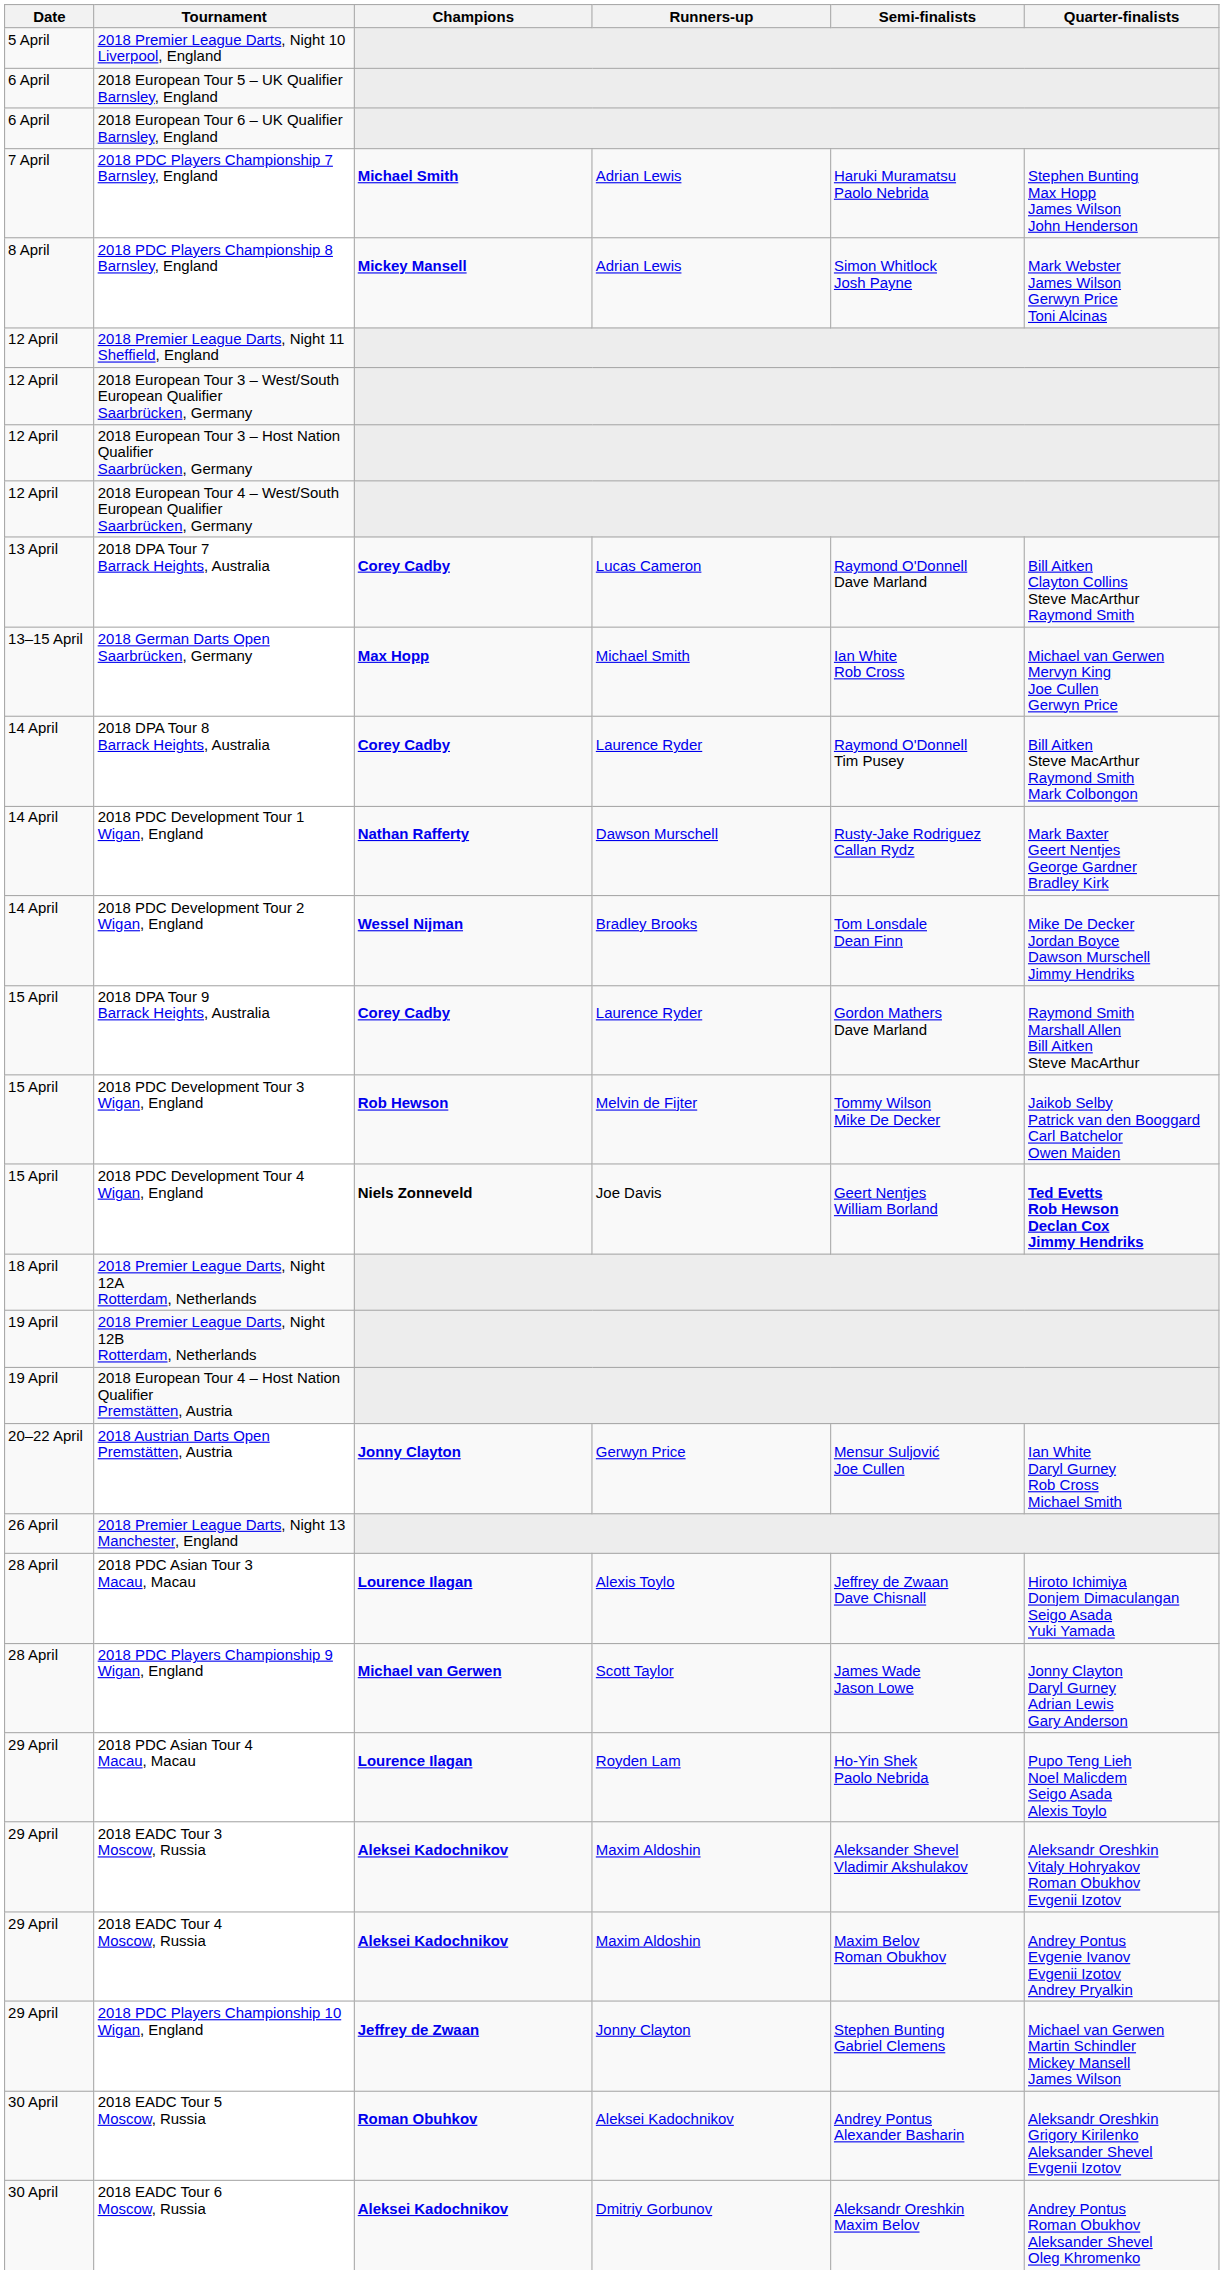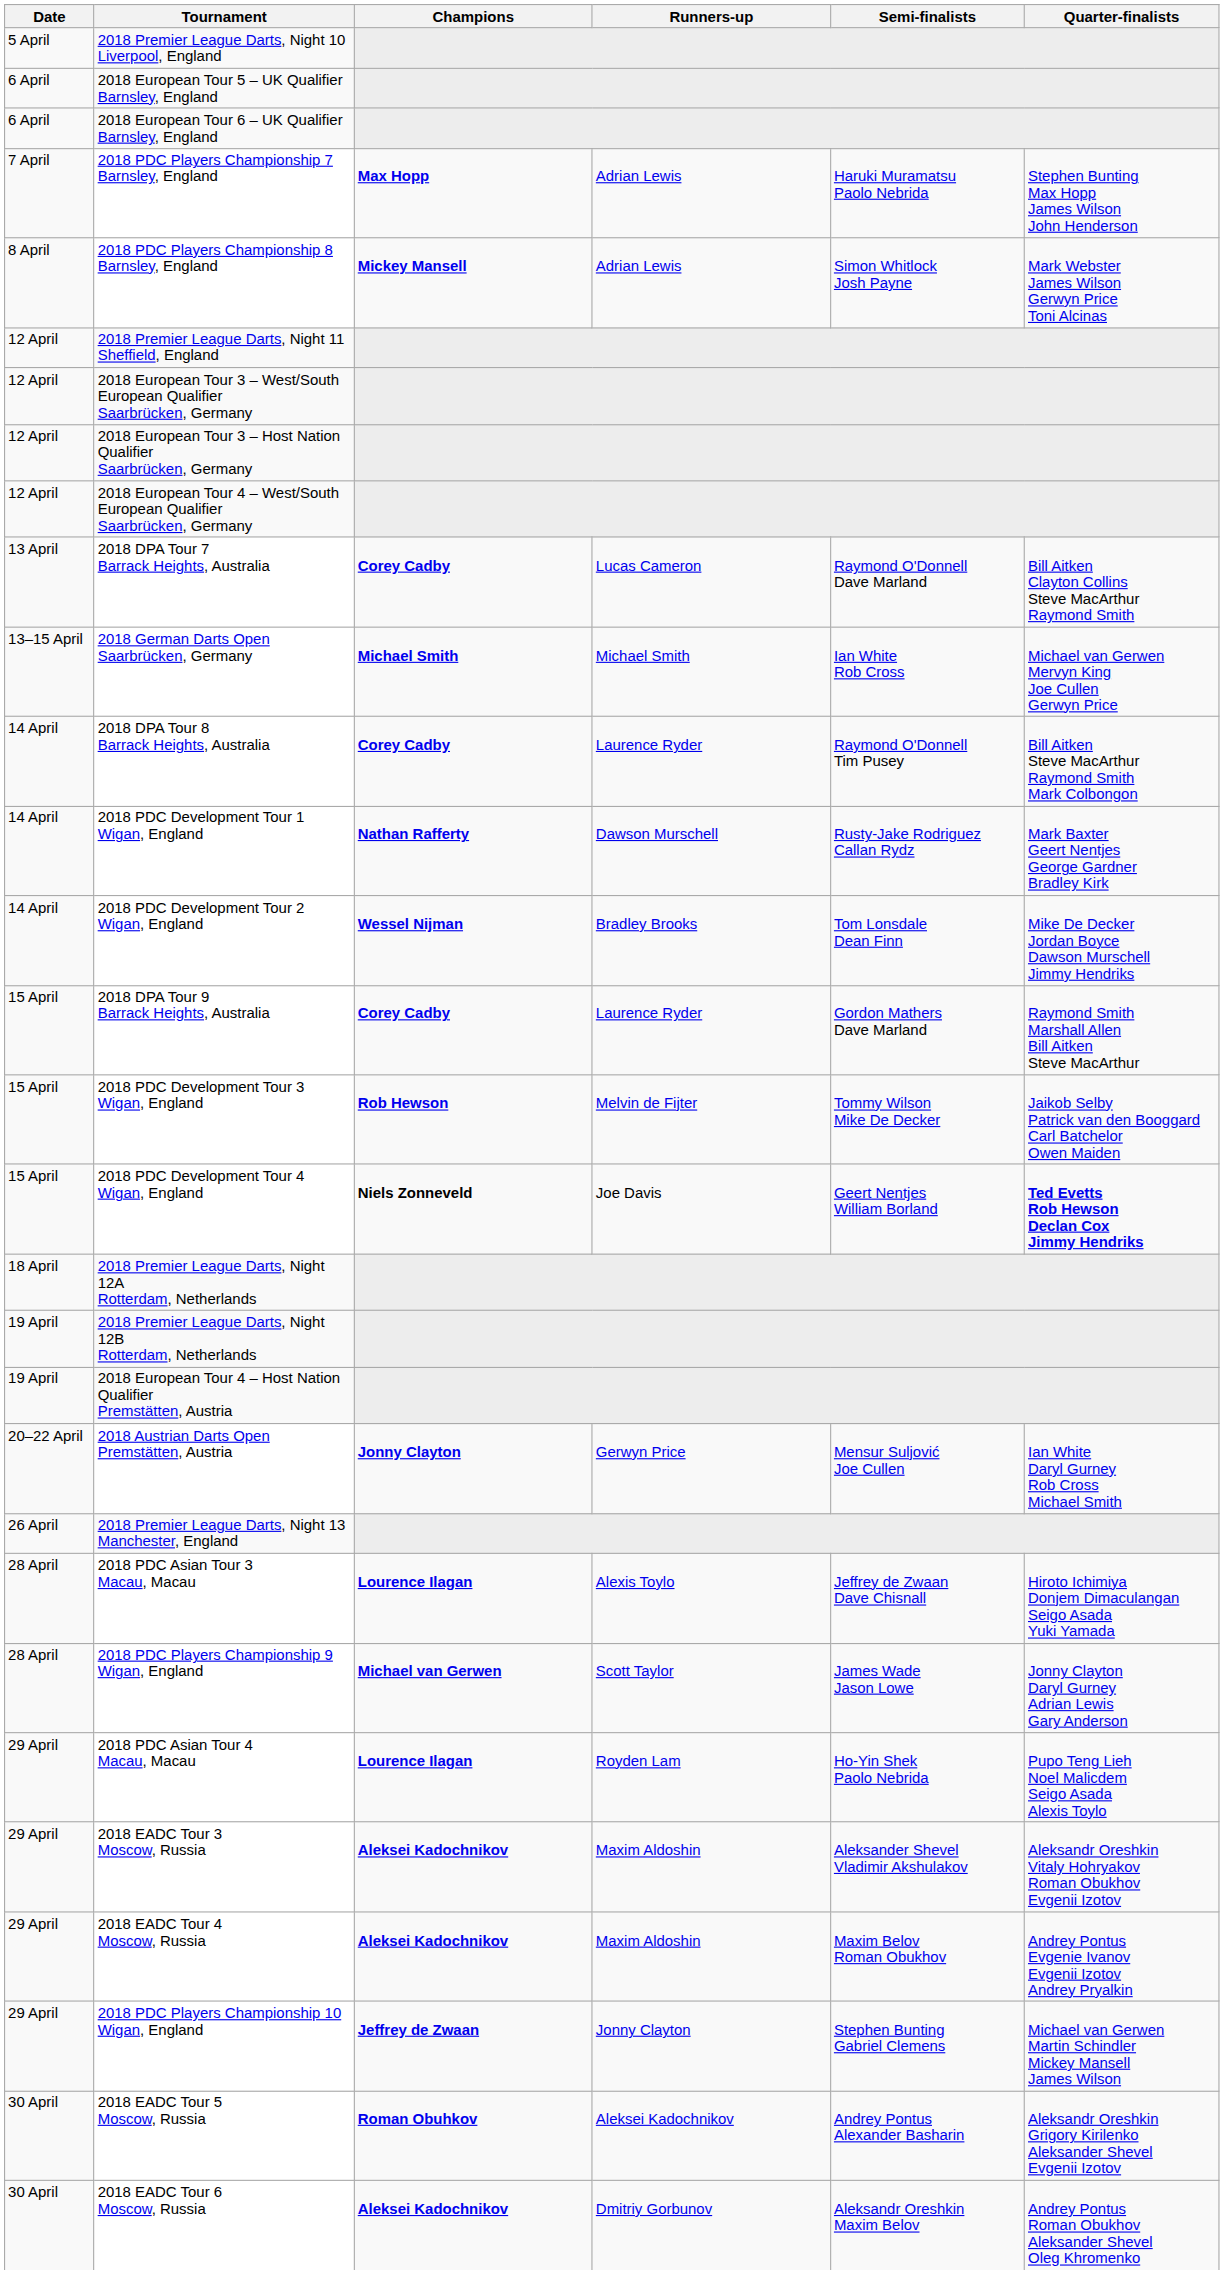 <table class=wikitable style=font-size:85%>
 <tr>
 <th width=75>Date</th>
 <th width=230>Tournament</th>
 <th width=210>Champions</th>
 <th width=210>Runners-up</th>
 <th width=170>Semi-finalists</th>
 <th width=170>Quarter-finalists</th>
 </tr>
 <tr valign="top">
 <td rowspan=1>5 April</td>
 <td><a href='#'>2018 Premier League Darts</a>, Night 10 <br><a href='#'>Liverpool</a>, England</td>
 <td colspan=4 bgcolor="#ededed"></td>
 </tr>
 <tr valign="top">
 <td rowspan=1>6 April</td>
 <td>2018 European Tour 5 – UK Qualifier <br><a href='#'>Barnsley</a>, England</td>
 <td colspan=4 bgcolor="#ededed"></td>
 </tr>
 <tr valign="top">
 <td rowspan=1>6 April</td>
 <td>2018 European Tour 6 – UK Qualifier <br><a href='#'>Barnsley</a>, England</td>
 <td colspan=4 bgcolor="#ededed"></td>
 </tr>
 <tr valign="top">
 <td>7 April</td>
 <td bgcolor="#ffffff"><a href='#'>2018 PDC Players Championship 7</a><br><a href='#'>Barnsley</a>, England</td>
-<td><br> <strong><a href='#'>Michael Smith</a></strong></td>
+<td><br> <strong><a href='#'>Max Hopp</a></strong></td>
 <td><br> <a href='#'>Adrian Lewis</a></td>
 <td><br> <a href='#'>Haruki Muramatsu</a> <br>  <a href='#'>Paolo Nebrida</a></td>
 <td><br> <a href='#'>Stephen Bunting</a> <br>  <a href='#'>Max Hopp</a> <br>  <a href='#'>James Wilson</a> <br>  <a href='#'>John Henderson</a></td>
 </tr>
 <tr valign="top">
 <td>8 April</td>
 <td bgcolor="#ffffff"><a href='#'>2018 PDC Players Championship 8</a><br><a href='#'>Barnsley</a>, England</td>
 <td><br> <strong><a href='#'>Mickey Mansell</a></strong></td>
 <td><br> <a href='#'>Adrian Lewis</a></td>
 <td><br> <a href='#'>Simon Whitlock</a> <br>  <a href='#'>Josh Payne</a></td>
 <td><br> <a href='#'>Mark Webster</a> <br>  <a href='#'>James Wilson</a> <br>  <a href='#'>Gerwyn Price</a> <br>  <a href='#'>Toni Alcinas</a></td>
 </tr>
 <tr valign="top">
 <td rowspan=1>12 April</td>
 <td><a href='#'>2018 Premier League Darts</a>, Night 11 <br><a href='#'>Sheffield</a>, England</td>
 <td colspan=4 bgcolor="#ededed"></td>
 </tr>
 <tr valign="top">
 <td rowspan=1>12 April</td>
 <td>2018 European Tour 3 – West/South European Qualifier <br><a href='#'>Saarbrücken</a>, Germany</td>
 <td colspan=4 bgcolor="#ededed"></td>
 </tr>
 <tr valign="top">
 <td rowspan=1>12 April</td>
 <td>2018 European Tour 3 – Host Nation Qualifier <br><a href='#'>Saarbrücken</a>, Germany</td>
 <td colspan=4 bgcolor="#ededed"></td>
 </tr>
 <tr valign="top">
 <td rowspan=1>12 April</td>
 <td>2018 European Tour 4 – West/South European Qualifier <br><a href='#'>Saarbrücken</a>, Germany</td>
 <td colspan=4 bgcolor="#ededed"></td>
 </tr>
 <tr valign="top">
 <td>13 April</td>
 <td bgcolor="#ffffff">2018 DPA Tour 7<br><a href='#'>Barrack Heights</a>, Australia</td>
 <td><br> <strong><a href='#'>Corey Cadby</a></strong></td>
 <td><br> <a href='#'>Lucas Cameron</a></td>
 <td><br> <a href='#'>Raymond O'Donnell</a> <br>  Dave Marland</td>
 <td><br> <a href='#'>Bill Aitken</a> <br>  <a href='#'>Clayton Collins</a> <br>  Steve MacArthur <br>  <a href='#'>Raymond Smith</a></td>
 </tr>
 <tr valign="top">
 <td>13–15 April</td>
 <td bgcolor="#ffffff"><a href='#'>2018 German Darts Open</a><br><a href='#'>Saarbrücken</a>, Germany</td>
-<td><br> <strong><a href='#'>Max Hopp</a></strong></td>
+<td><br> <strong><a href='#'>Michael Smith</a></strong></td>
 <td><br> <a href='#'>Michael Smith</a></td>
 <td><br> <a href='#'>Ian White</a> <br>  <a href='#'>Rob Cross</a></td>
 <td><br> <a href='#'>Michael van Gerwen</a> <br>  <a href='#'>Mervyn King</a> <br>  <a href='#'>Joe Cullen</a> <br>  <a href='#'>Gerwyn Price</a></td>
 </tr>
 <tr valign="top">
 <td>14 April</td>
 <td bgcolor="#ffffff">2018 DPA Tour 8<br><a href='#'>Barrack Heights</a>, Australia</td>
 <td><br> <strong><a href='#'>Corey Cadby</a></strong></td>
 <td><br> <a href='#'>Laurence Ryder</a></td>
 <td><br> <a href='#'>Raymond O'Donnell</a> <br>  Tim Pusey</td>
 <td><br> <a href='#'>Bill Aitken</a> <br>  Steve MacArthur <br>  <a href='#'>Raymond Smith</a> <br>  <a href='#'>Mark Colbongon</a></td>
 </tr>
 <tr valign="top">
 <td>14 April</td>
 <td bgcolor="#ffffff">2018 PDC Development Tour 1<br><a href='#'>Wigan</a>, England</td>
 <td><br> <strong><a href='#'>Nathan Rafferty</a></strong></td>
 <td><br> <a href='#'>Dawson Murschell</a></td>
 <td><br> <a href='#'>Rusty-Jake Rodriguez</a> <br>  <a href='#'>Callan Rydz</a></td>
 <td><br> <a href='#'>Mark Baxter</a> <br>  <a href='#'>Geert Nentjes</a> <br>  <a href='#'>George Gardner</a> <br>  <a href='#'>Bradley Kirk</a></td>
 </tr>
 <tr valign="top">
 <td>14 April</td>
 <td bgcolor="#ffffff">2018 PDC Development Tour 2<br><a href='#'>Wigan</a>, England</td>
 <td><br> <strong><a href='#'>Wessel Nijman</a></strong></td>
 <td><br> <a href='#'>Bradley Brooks</a></td>
 <td><br> <a href='#'>Tom Lonsdale</a> <br>  <a href='#'>Dean Finn</a></td>
 <td><br> <a href='#'>Mike De Decker</a> <br>  <a href='#'>Jordan Boyce</a> <br>  <a href='#'>Dawson Murschell</a> <br>  <a href='#'>Jimmy Hendriks</a></td>
 </tr>
 <tr valign="top">
 <td>15 April</td>
 <td bgcolor="#ffffff">2018 DPA Tour 9<br><a href='#'>Barrack Heights</a>, Australia</td>
 <td><br> <strong><a href='#'>Corey Cadby</a></strong></td>
 <td><br> <a href='#'>Laurence Ryder</a></td>
 <td><br> <a href='#'>Gordon Mathers</a> <br>  Dave Marland</td>
 <td><br> <a href='#'>Raymond Smith</a> <br>  <a href='#'>Marshall Allen</a> <br>  <a href='#'>Bill Aitken</a> <br>  Steve MacArthur</td>
 </tr>
 <tr valign="top">
 <td>15 April</td>
 <td bgcolor="#ffffff">2018 PDC Development Tour 3<br><a href='#'>Wigan</a>, England</td>
 <td><br> <strong><a href='#'>Rob Hewson</a></strong></td>
 <td><br> <a href='#'>Melvin de Fijter</a></td>
 <td><br> <a href='#'>Tommy Wilson</a> <br>  <a href='#'>Mike De Decker</a></td>
 <td><br> <a href='#'>Jaikob Selby</a> <br>  <a href='#'>Patrick van den Booggard</a> <br>  <a href='#'>Carl Batchelor</a> <br>  <a href='#'>Owen Maiden</a></td>
 </tr>
 <tr valign="top">
 <td>15 April</td>
 <td bgcolor="#ffffff">2018 PDC Development Tour 4<br><a href='#'>Wigan</a>, England</td>
 <td><br> <strong>Niels Zonneveld</strong></td>
 <td><br> Joe Davis</td>
 <td><br> <a href='#'>Geert Nentjes</a> <br>  <a href='#'>William Borland</a></td>
 <td><strong><br> <a href='#'>Ted Evetts</a> <br>  <a href='#'>Rob Hewson</a> <br>  <a href='#'>Declan Cox</a> <br>  <a href='#'>Jimmy Hendriks</a></strong></td>
 </tr>
 <tr valign="top">
 <td rowspan=1>18 April</td>
 <td><a href='#'>2018 Premier League Darts</a>, Night 12A <br><a href='#'>Rotterdam</a>, Netherlands</td>
 <td colspan=4 bgcolor="#ededed"></td>
 </tr>
 <tr valign="top">
 <td rowspan=1>19 April</td>
 <td><a href='#'>2018 Premier League Darts</a>, Night 12B <br><a href='#'>Rotterdam</a>, Netherlands</td>
 <td colspan=4 bgcolor="#ededed"></td>
 </tr>
 <tr valign="top">
 <td rowspan=1>19 April</td>
 <td>2018 European Tour 4 – Host Nation Qualifier <br><a href='#'>Premstätten</a>, Austria</td>
 <td colspan=4 bgcolor="#ededed"></td>
 </tr>
 <tr valign="top">
 <td>20–22 April</td>
 <td bgcolor="#ffffff"><a href='#'>2018 Austrian Darts Open</a><br><a href='#'>Premstätten</a>, Austria</td>
 <td><br> <strong><a href='#'>Jonny Clayton</a></strong></td>
 <td><br> <a href='#'>Gerwyn Price</a></td>
 <td><br> <a href='#'>Mensur Suljović</a> <br>  <a href='#'>Joe Cullen</a></td>
 <td><br> <a href='#'>Ian White</a> <br>  <a href='#'>Daryl Gurney</a> <br>  <a href='#'>Rob Cross</a> <br>  <a href='#'>Michael Smith</a></td>
 </tr>
 <tr valign="top">
 <td rowspan=1>26 April</td>
 <td><a href='#'>2018 Premier League Darts</a>, Night 13 <br><a href='#'>Manchester</a>, England</td>
 <td colspan=4 bgcolor="#ededed"></td>
 </tr>
 <tr valign="top">
 <td>28 April</td>
 <td bgcolor="#ffffff">2018 PDC Asian Tour 3<br><a href='#'>Macau</a>, Macau</td>
 <td><br> <strong><a href='#'>Lourence Ilagan</a></strong></td>
 <td><br> <a href='#'>Alexis Toylo</a></td>
 <td><br> <a href='#'>Jeffrey de Zwaan</a> <br>  <a href='#'>Dave Chisnall</a></td>
 <td><br> <a href='#'>Hiroto Ichimiya</a> <br>  <a href='#'>Donjem Dimaculangan</a> <br>  <a href='#'>Seigo Asada</a> <br>  <a href='#'>Yuki Yamada</a></td>
 </tr>
 <tr valign="top">
 <td>28 April</td>
 <td bgcolor="#ffffff"><a href='#'>2018 PDC Players Championship 9</a><br><a href='#'>Wigan</a>, England</td>
 <td><br> <strong><a href='#'>Michael van Gerwen</a></strong></td>
 <td><br> <a href='#'>Scott Taylor</a></td>
 <td><br> <a href='#'>James Wade</a> <br>  <a href='#'>Jason Lowe</a></td>
 <td><br> <a href='#'>Jonny Clayton</a> <br>  <a href='#'>Daryl Gurney</a> <br>  <a href='#'>Adrian Lewis</a> <br>  <a href='#'>Gary Anderson</a></td>
 </tr>
 <tr valign="top">
 <td>29 April</td>
 <td bgcolor="#ffffff">2018 PDC Asian Tour 4<br><a href='#'>Macau</a>, Macau</td>
 <td><br> <strong><a href='#'>Lourence Ilagan</a></strong></td>
 <td><br> <a href='#'>Royden Lam</a></td>
 <td><br> <a href='#'>Ho-Yin Shek</a> <br>  <a href='#'>Paolo Nebrida</a></td>
 <td><br> <a href='#'>Pupo Teng Lieh</a> <br>  <a href='#'>Noel Malicdem</a> <br>  <a href='#'>Seigo Asada</a> <br>  <a href='#'>Alexis Toylo</a></td>
 </tr>
 <tr valign="top">
 <td>29 April</td>
 <td bgcolor="#ffffff">2018 EADC Tour 3<br><a href='#'>Moscow</a>, Russia</td>
 <td><br> <strong><a href='#'>Aleksei Kadochnikov</a></strong></td>
 <td><br> <a href='#'>Maxim Aldoshin</a></td>
 <td><br> <a href='#'>Aleksander Shevel</a> <br>  <a href='#'>Vladimir Akshulakov</a></td>
 <td><br> <a href='#'>Aleksandr Oreshkin</a> <br>  <a href='#'>Vitaly Hohryakov</a> <br>  <a href='#'>Roman Obukhov</a> <br>  <a href='#'>Evgenii Izotov</a></td>
 </tr>
 <tr valign="top">
 <td>29 April</td>
 <td bgcolor="#ffffff">2018 EADC Tour 4<br><a href='#'>Moscow</a>, Russia</td>
 <td><br> <strong><a href='#'>Aleksei Kadochnikov</a></strong></td>
 <td><br> <a href='#'>Maxim Aldoshin</a></td>
 <td><br> <a href='#'>Maxim Belov</a> <br>  <a href='#'>Roman Obukhov</a></td>
 <td><br> <a href='#'>Andrey Pontus</a> <br>  <a href='#'>Evgenie Ivanov</a> <br>  <a href='#'>Evgenii Izotov</a> <br>  <a href='#'>Andrey Pryalkin</a></td>
 </tr>
 <tr valign="top">
 <td>29 April</td>
 <td bgcolor="#ffffff"><a href='#'>2018 PDC Players Championship 10</a><br><a href='#'>Wigan</a>, England</td>
 <td><br> <strong><a href='#'>Jeffrey de Zwaan</a></strong></td>
 <td><br> <a href='#'>Jonny Clayton</a></td>
 <td><br> <a href='#'>Stephen Bunting</a> <br>  <a href='#'>Gabriel Clemens</a></td>
 <td><br> <a href='#'>Michael van Gerwen</a> <br>  <a href='#'>Martin Schindler</a> <br>  <a href='#'>Mickey Mansell</a> <br>  <a href='#'>James Wilson</a></td>
 </tr>
 <tr valign="top">
 <td>30 April</td>
 <td bgcolor="#ffffff">2018 EADC Tour 5<br><a href='#'>Moscow</a>, Russia</td>
 <td><br> <strong><a href='#'>Roman Obuhkov</a></strong></td>
 <td><br> <a href='#'>Aleksei Kadochnikov</a></td>
 <td><br> <a href='#'>Andrey Pontus</a> <br>  <a href='#'>Alexander Basharin</a></td>
 <td><br> <a href='#'>Aleksandr Oreshkin</a> <br>  <a href='#'>Grigory Kirilenko</a> <br>  <a href='#'>Aleksander Shevel</a> <br>  <a href='#'>Evgenii Izotov</a></td>
 </tr>
 <tr valign="top">
 <td>30 April</td>
 <td bgcolor="#ffffff">2018 EADC Tour 6<br><a href='#'>Moscow</a>, Russia</td>
 <td><br> <strong><a href='#'>Aleksei Kadochnikov</a></strong></td>
 <td><br> <a href='#'>Dmitriy Gorbunov</a></td>
 <td><br> <a href='#'>Aleksandr Oreshkin</a> <br>  <a href='#'>Maxim Belov</a></td>
 <td><br> <a href='#'>Andrey Pontus</a> <br>  <a href='#'>Roman Obukhov</a> <br>  <a href='#'>Aleksander Shevel</a> <br>  <a href='#'>Oleg Khromenko</a></td>
 </tr>
 </table>
